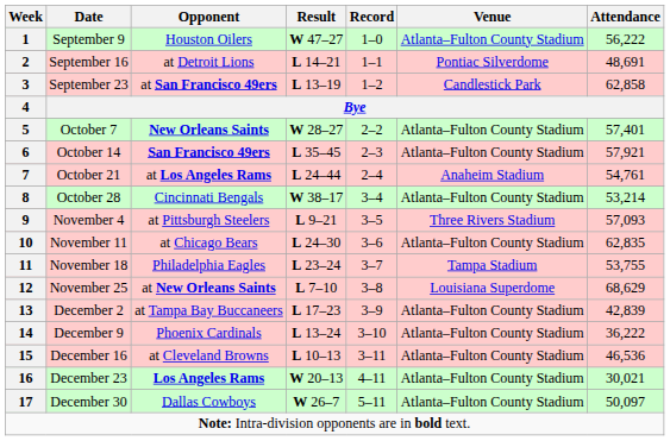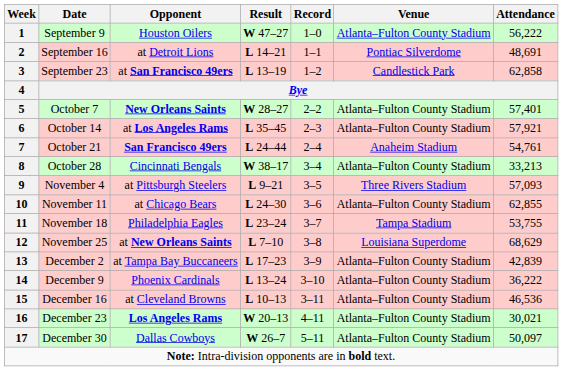 <table class="wikitable" style="text-align:center">
 <tr>
 <th>Week</th>
 <th>Date</th>
 <th>Opponent</th>
 <th>Result</th>
 <th>Record</th>
 <th>Venue</th>
 <th>Attendance</th>
 </tr>
 <tr style="background:#cfc">
 <th>1</th>
 <td>September 9</td>
 <td><a href='#'>Houston Oilers</a></td>
 <td><strong>W</strong> 47–27</td>
 <td>1–0</td>
 <td><a href='#'>Atlanta–Fulton County Stadium</a></td>
 <td>56,222</td>
 </tr>
 <tr style="background:#fcc">
 <th>2</th>
 <td>September 16</td>
 <td>at <a href='#'>Detroit Lions</a></td>
 <td><strong>L</strong> 14–21</td>
 <td>1–1</td>
 <td><a href='#'>Pontiac Silverdome</a></td>
 <td>48,691</td>
 </tr>
 <tr style="background:#fcc">
 <th>3</th>
 <td>September 23</td>
 <td>at <strong><a href='#'>San Francisco 49ers</a></strong></td>
 <td><strong>L</strong> 13–19</td>
 <td>1–2</td>
 <td><a href='#'>Candlestick Park</a></td>
 <td>62,858</td>
 </tr>
 <tr>
 <th>4</th>
 <th colspan=6><em><a href='#'>Bye</a></em></th>
 </tr>
 <tr style="background:#cfc">
 <th>5</th>
 <td>October 7</td>
 <td><strong><a href='#'>New Orleans Saints</a></strong></td>
 <td><strong>W</strong> 28–27</td>
 <td>2–2</td>
 <td>Atlanta–Fulton County Stadium</td>
 <td>57,401</td>
 </tr>
 <tr style="background:#fcc">
 <th>6</th>
 <td>October 14</td>
-<td><strong><a href='#'>San Francisco 49ers</a></strong></td>
+<td>at <strong><a href='#'>Los Angeles Rams</a></strong></td>
 <td><strong>L</strong> 35–45</td>
 <td>2–3</td>
 <td>Atlanta–Fulton County Stadium</td>
 <td>57,921</td>
 </tr>
 <tr style="background:#fcc">
 <th>7</th>
 <td>October 21</td>
-<td>at <strong><a href='#'>Los Angeles Rams</a></strong></td>
+<td><strong><a href='#'>San Francisco 49ers</a></strong></td>
 <td><strong>L</strong> 24–44</td>
 <td>2–4</td>
 <td><a href='#'>Anaheim Stadium</a></td>
 <td>54,761</td>
 </tr>
 <tr style="background:#cfc">
 <th>8</th>
 <td>October 28</td>
 <td><a href='#'>Cincinnati Bengals</a></td>
 <td><strong>W</strong> 38–17</td>
 <td>3–4</td>
 <td>Atlanta–Fulton County Stadium</td>
-<td>53,214</td>
+<td>33,213</td>
 </tr>
 <tr style="background:#fcc">
 <th>9</th>
 <td>November 4</td>
 <td>at <a href='#'>Pittsburgh Steelers</a></td>
 <td><strong>L</strong> 9–21</td>
 <td>3–5</td>
 <td><a href='#'>Three Rivers Stadium</a></td>
 <td>57,093</td>
 </tr>
 <tr style="background:#fcc">
 <th>10</th>
 <td>November 11</td>
 <td>at <a href='#'>Chicago Bears</a></td>
 <td><strong>L</strong> 24–30</td>
 <td>3–6</td>
 <td>Atlanta–Fulton County Stadium</td>
-<td>62,835</td>
+<td>62,855</td>
 </tr>
 <tr style="background:#fcc">
 <th>11</th>
 <td>November 18</td>
 <td><a href='#'>Philadelphia Eagles</a></td>
 <td><strong>L</strong> 23–24</td>
 <td>3–7</td>
 <td><a href='#'>Tampa Stadium</a></td>
 <td>53,755</td>
 </tr>
 <tr style="background:#fcc">
 <th>12</th>
 <td>November 25</td>
 <td>at <strong><a href='#'>New Orleans Saints</a></strong></td>
 <td><strong>L</strong> 7–10</td>
 <td>3–8</td>
 <td><a href='#'>Louisiana Superdome</a></td>
 <td>68,629</td>
 </tr>
 <tr style="background:#fcc">
 <th>13</th>
 <td>December 2</td>
 <td>at <a href='#'>Tampa Bay Buccaneers</a></td>
 <td><strong>L</strong> 17–23</td>
 <td>3–9</td>
 <td>Atlanta–Fulton County Stadium</td>
 <td>42,839</td>
 </tr>
 <tr style="background:#fcc">
 <th>14</th>
 <td>December 9</td>
 <td><a href='#'>Phoenix Cardinals</a></td>
 <td><strong>L</strong> 13–24</td>
 <td>3–10</td>
 <td>Atlanta–Fulton County Stadium</td>
 <td>36,222</td>
 </tr>
 <tr style="background:#fcc">
 <th>15</th>
 <td>December 16</td>
 <td>at <a href='#'>Cleveland Browns</a></td>
 <td><strong>L</strong> 10–13</td>
 <td>3–11</td>
 <td>Atlanta–Fulton County Stadium</td>
 <td>46,536</td>
 </tr>
 <tr style="background:#cfc">
 <th>16</th>
 <td>December 23</td>
 <td><strong><a href='#'>Los Angeles Rams</a></strong></td>
 <td><strong>W</strong> 20–13</td>
 <td>4–11</td>
 <td>Atlanta–Fulton County Stadium</td>
 <td>30,021</td>
 </tr>
 <tr style="background:#cfc">
 <th>17</th>
 <td>December 30</td>
 <td><a href='#'>Dallas Cowboys</a></td>
 <td><strong>W</strong> 26–7</td>
 <td>5–11</td>
 <td>Atlanta–Fulton County Stadium</td>
 <td>50,097</td>
 </tr>
 <tr>
 <td colspan="7"><strong>Note:</strong> Intra-division opponents are in <strong>bold</strong> text.</td>
 </tr>
 </table>
